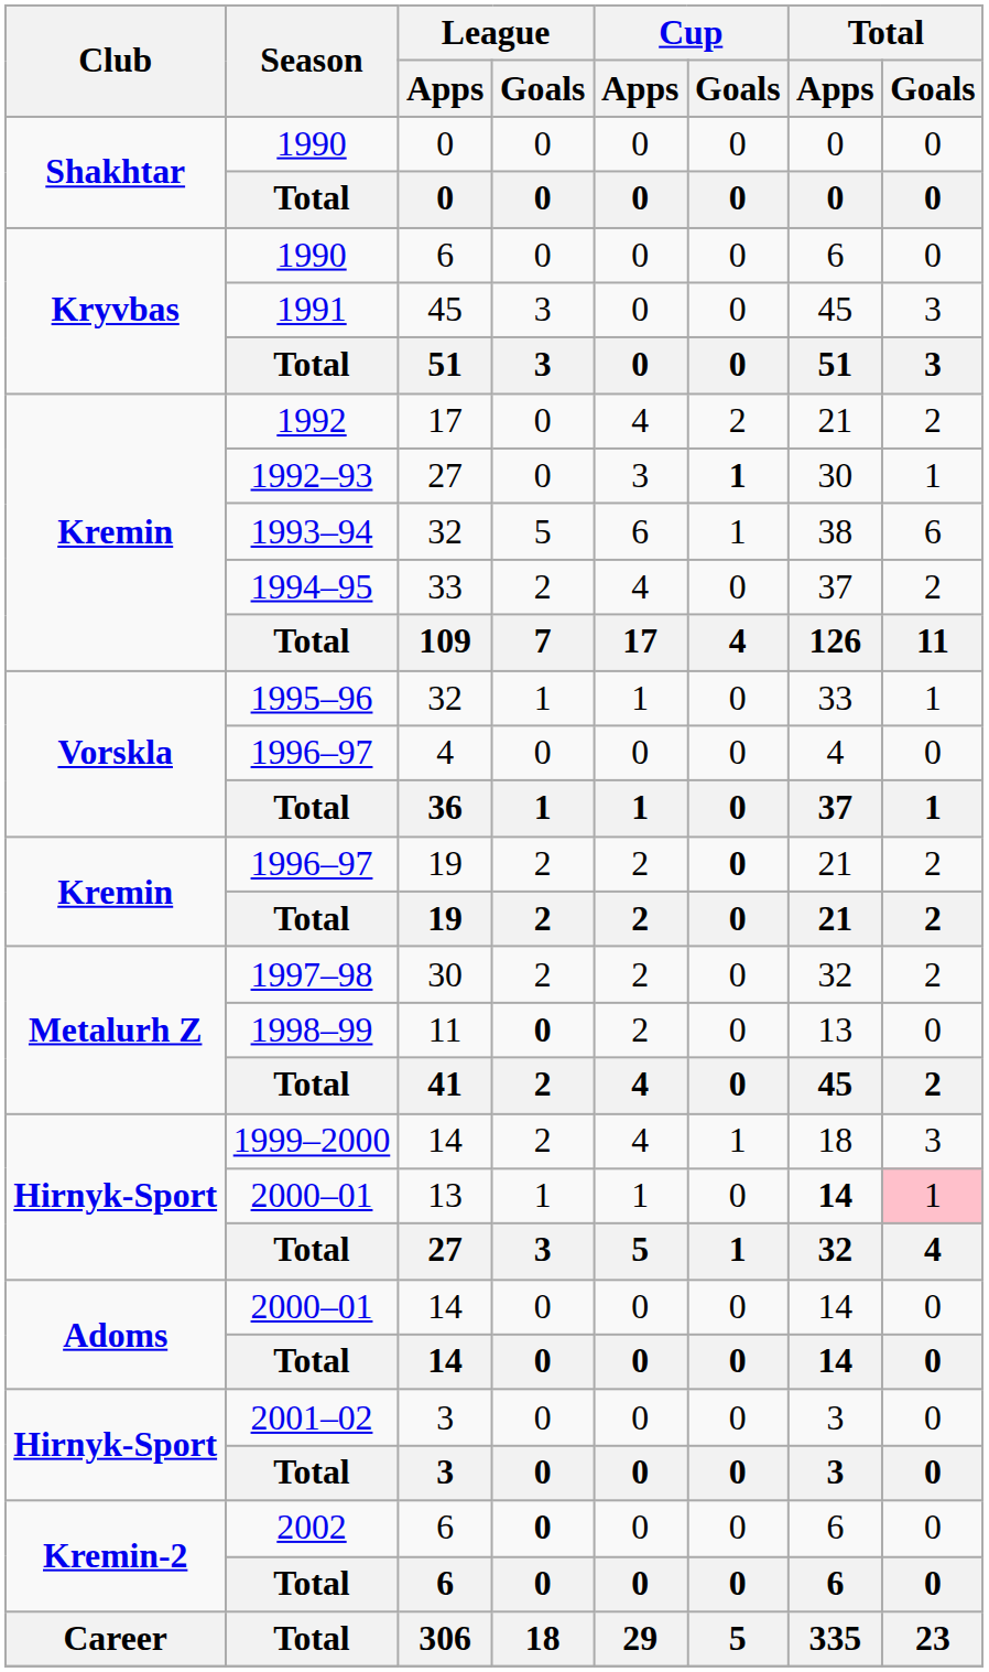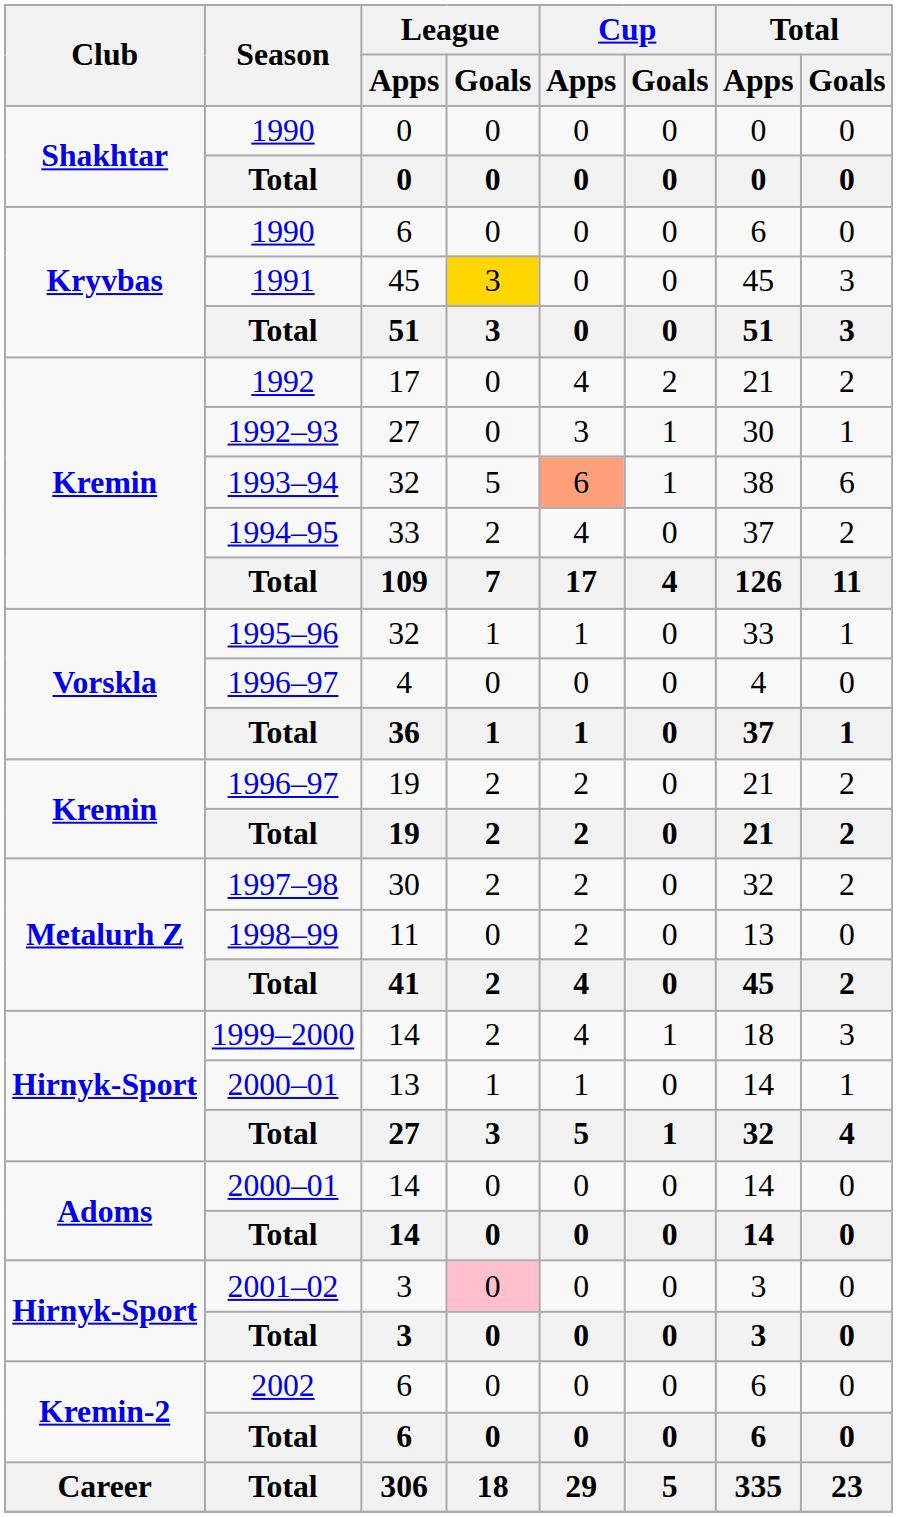 <table class="wikitable sortable" style="text-align: center;">
 <tr>
 <th rowspan="2">Club</th>
 <th rowspan="2">Season</th>
 <th colspan="2">League</th>
 <th colspan="2"><a href='#'>Cup</a></th>
 <th colspan="2">Total</th>
 </tr>
 <tr>
 <th>Apps</th>
 <th>Goals</th>
 <th>Apps</th>
 <th>Goals</th>
 <th>Apps</th>
 <th>Goals</th>
 </tr>
 <tr>
 <td rowspan="2"><strong><a href='#'>Shakhtar</a></strong></td>
 <td><a href='#'>1990</a></td>
 <td>0</td>
 <td>0</td>
 <td>0</td>
 <td>0</td>
 <td>0</td>
 <td>0</td>
 </tr>
 <tr>
 <th>Total</th>
 <th>0</th>
 <th>0</th>
 <th>0</th>
 <th>0</th>
 <th>0</th>
 <th>0</th>
 </tr>
 <tr>
 <td rowspan="3"><strong><a href='#'>Kryvbas</a></strong></td>
 <td><a href='#'>1990</a></td>
 <td>6</td>
 <td>0</td>
 <td>0</td>
 <td>0</td>
 <td>6</td>
 <td>0</td>
 </tr>
 <tr>
 <td><a href='#'>1991</a></td>
 <td>45</td>
-<td>3</td>
+<td style="background: gold;">3</td>
 <td>0</td>
 <td>0</td>
 <td>45</td>
 <td>3</td>
 </tr>
 <tr>
 <th>Total</th>
 <th>51</th>
 <th>3</th>
 <th>0</th>
 <th>0</th>
 <th>51</th>
 <th>3</th>
 </tr>
 <tr>
 <td rowspan="5"><strong><a href='#'>Kremin</a></strong></td>
 <td><a href='#'>1992</a></td>
 <td>17</td>
 <td>0</td>
 <td>4</td>
 <td>2</td>
 <td>21</td>
 <td>2</td>
 </tr>
 <tr>
 <td><a href='#'>1992–93</a></td>
 <td>27</td>
 <td>0</td>
 <td>3</td>
-<td><strong>1</strong></td>
+<td>1</td>
 <td>30</td>
 <td>1</td>
 </tr>
 <tr>
 <td><a href='#'>1993–94</a></td>
 <td>32</td>
 <td>5</td>
-<td>6</td>
+<td style="background: lightsalmon;">6</td>
 <td>1</td>
 <td>38</td>
 <td>6</td>
 </tr>
 <tr>
 <td><a href='#'>1994–95</a></td>
 <td>33</td>
 <td>2</td>
 <td>4</td>
 <td>0</td>
 <td>37</td>
 <td>2</td>
 </tr>
 <tr>
 <th>Total</th>
 <th>109</th>
 <th>7</th>
 <th>17</th>
 <th>4</th>
 <th>126</th>
 <th>11</th>
 </tr>
 <tr>
 <td rowspan="3"><strong><a href='#'>Vorskla</a></strong></td>
 <td><a href='#'>1995–96</a></td>
 <td>32</td>
 <td>1</td>
 <td>1</td>
 <td>0</td>
 <td>33</td>
 <td>1</td>
 </tr>
 <tr>
 <td><a href='#'>1996–97</a></td>
 <td>4</td>
 <td>0</td>
 <td>0</td>
 <td>0</td>
 <td>4</td>
 <td>0</td>
 </tr>
 <tr>
 <th>Total</th>
 <th>36</th>
 <th>1</th>
 <th>1</th>
 <th>0</th>
 <th>37</th>
 <th>1</th>
 </tr>
 <tr>
 <td rowspan="2"><strong><a href='#'>Kremin</a></strong></td>
 <td><a href='#'>1996–97</a></td>
 <td>19</td>
 <td>2</td>
 <td>2</td>
-<td><strong>0</strong></td>
+<td>0</td>
 <td>21</td>
 <td>2</td>
 </tr>
 <tr>
 <th>Total</th>
 <th>19</th>
 <th>2</th>
 <th>2</th>
 <th>0</th>
 <th>21</th>
 <th>2</th>
 </tr>
 <tr>
 <td rowspan="3"><strong><a href='#'>Metalurh Z</a></strong></td>
 <td><a href='#'>1997–98</a></td>
 <td>30</td>
 <td>2</td>
 <td>2</td>
 <td>0</td>
 <td>32</td>
 <td>2</td>
 </tr>
 <tr>
 <td><a href='#'>1998–99</a></td>
 <td>11</td>
-<td><strong>0</strong></td>
+<td>0</td>
 <td>2</td>
 <td>0</td>
 <td>13</td>
 <td>0</td>
 </tr>
 <tr>
 <th>Total</th>
 <th>41</th>
 <th>2</th>
 <th>4</th>
 <th>0</th>
 <th>45</th>
 <th>2</th>
 </tr>
 <tr>
 <td rowspan="3"><strong><a href='#'>Hirnyk-Sport</a></strong></td>
 <td><a href='#'>1999–2000</a></td>
 <td>14</td>
 <td>2</td>
 <td>4</td>
 <td>1</td>
 <td>18</td>
 <td>3</td>
 </tr>
 <tr>
 <td><a href='#'>2000–01</a></td>
 <td>13</td>
 <td>1</td>
 <td>1</td>
 <td>0</td>
-<td><strong>14</strong></td>
-<td style="background: pink;">1</td>
+<td>14</td>
+<td>1</td>
 </tr>
 <tr>
 <th>Total</th>
 <th>27</th>
 <th>3</th>
 <th>5</th>
 <th>1</th>
 <th>32</th>
 <th>4</th>
 </tr>
 <tr>
 <td rowspan="2"><strong><a href='#'>Adoms</a></strong></td>
 <td><a href='#'>2000–01</a></td>
 <td>14</td>
 <td>0</td>
 <td>0</td>
 <td>0</td>
 <td>14</td>
 <td>0</td>
 </tr>
 <tr>
 <th>Total</th>
 <th>14</th>
 <th>0</th>
 <th>0</th>
 <th>0</th>
 <th>14</th>
 <th>0</th>
 </tr>
 <tr>
 <td rowspan="2"><strong><a href='#'>Hirnyk-Sport</a></strong></td>
 <td><a href='#'>2001–02</a></td>
 <td>3</td>
-<td>0</td>
+<td style="background: pink;">0</td>
 <td>0</td>
 <td>0</td>
 <td>3</td>
 <td>0</td>
 </tr>
 <tr>
 <th>Total</th>
 <th>3</th>
 <th>0</th>
 <th>0</th>
 <th>0</th>
 <th>3</th>
 <th>0</th>
 </tr>
 <tr>
 <td rowspan="2"><strong><a href='#'>Kremin-2</a></strong></td>
 <td><a href='#'>2002</a></td>
 <td>6</td>
-<td><strong>0</strong></td>
+<td>0</td>
 <td>0</td>
 <td>0</td>
 <td>6</td>
 <td>0</td>
 </tr>
 <tr>
 <th>Total</th>
 <th>6</th>
 <th>0</th>
 <th>0</th>
 <th>0</th>
 <th>6</th>
 <th>0</th>
 </tr>
 <tr>
 <th>Career</th>
 <th>Total</th>
 <th>306</th>
 <th>18</th>
 <th>29</th>
 <th>5</th>
 <th>335</th>
 <th>23</th>
 </tr>
 <tr>
 </tr>
 </table>
